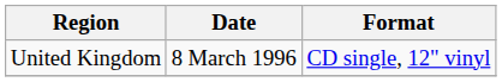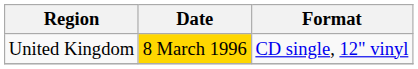 <table class="wikitable">
 <tr>
 <th>Region</th>
 <th>Date</th>
 <th>Format</th>
 </tr>
 <tr>
 <td rowspan="1">United Kingdom</td>
-<td>8 March 1996</td>
+<td style="background: gold;">8 March 1996</td>
 <td><a href='#'>CD single</a>, <a href='#'>12" vinyl</a></td>
 </tr>
 <tr>
 </tr>
 </table>
